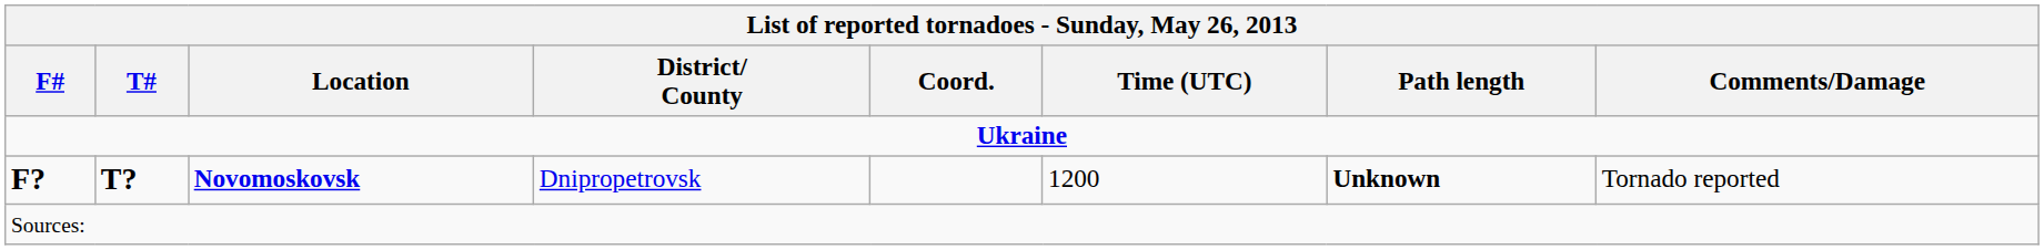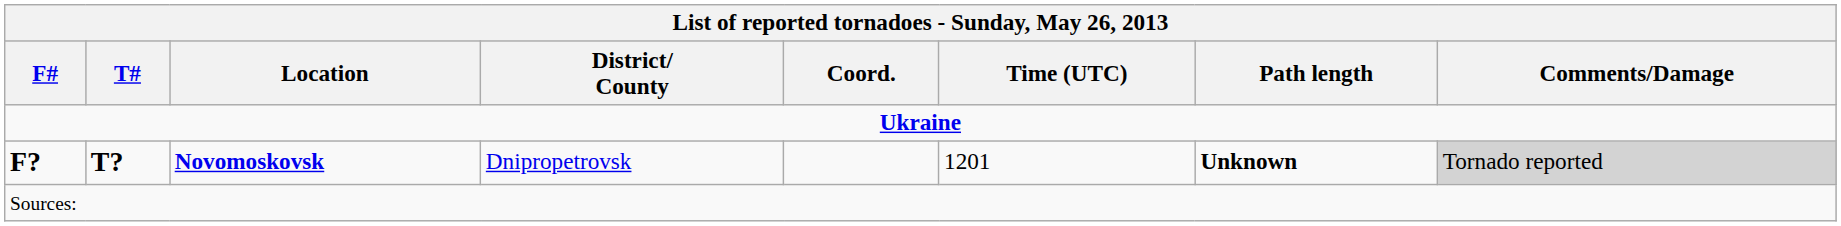 <table class="wikitable collapsible" width="100%">
 <tr>
 <th colspan="8">List of reported tornadoes - Sunday, May 26, 2013</th>
 </tr>
 <tr>
 <th><a href='#'>F#</a></th>
 <th><a href='#'>T#</a></th>
 <th>Location</th>
 <th>District/<br>County</th>
 <th>Coord.</th>
 <th>Time (UTC)</th>
 <th>Path length</th>
 <th>Comments/Damage</th>
 </tr>
 <tr>
 <td colspan="8" align=center><strong><a href='#'>Ukraine</a></strong></td>
 </tr>
 <tr>
 <td><big><strong>F?</strong></big></td>
 <td><big><strong>T?</strong></big></td>
 <td><strong><a href='#'>Novomoskovsk</a></strong></td>
 <td><a href='#'>Dnipropetrovsk</a></td>
 <td></td>
-<td>1200</td>
+<td>1201</td>
 <td><strong>Unknown</strong></td>
-<td>Tornado reported</td>
+<td style="background: lightgrey;">Tornado reported</td>
 </tr>
 <tr>
 <td colspan="8"><small>Sources:  </small></td>
 </tr>
 </table>
